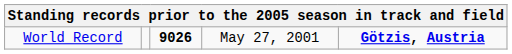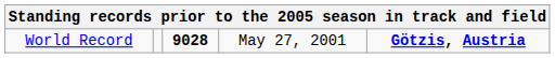 <table class="wikitable" style=" text-align:center;">
 <tr>
 <th colspan="5">Standing records prior to the 2005 season in track and field</th>
 </tr>
 <tr>
 <td><a href='#'>World Record</a></td>
 <td></td>
-<td><strong>9026</strong></td>
+<td><strong>9028</strong></td>
 <td>May 27, 2001</td>
 <td><strong> <a href='#'>Götzis</a>, <a href='#'>Austria</a></strong></td>
 </tr>
 </table>
